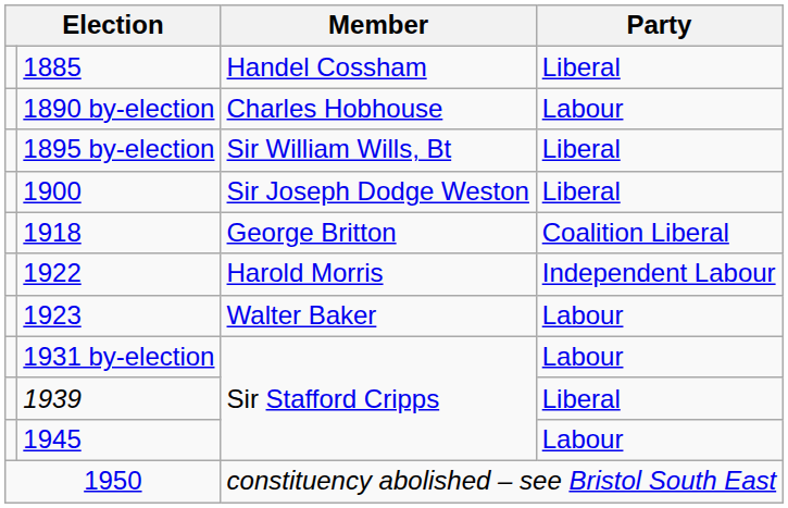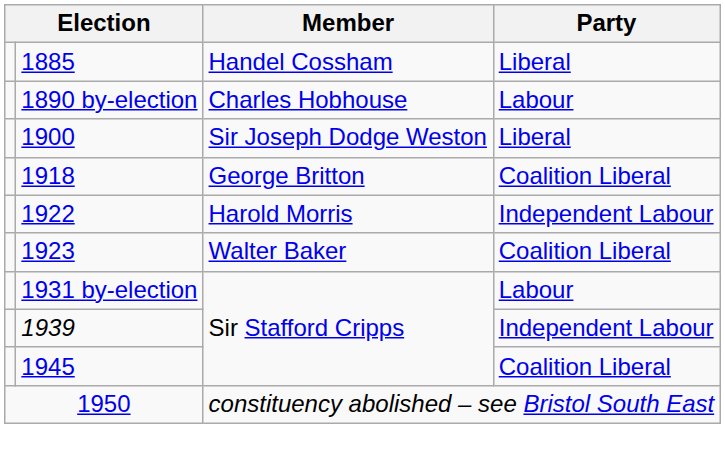 <table class="wikitable">
 <tr>
 <th colspan="2">Election</th>
 <th>Member</th>
 <th>Party</th>
 </tr>
 <tr>
 <td style="color:inherit;background-color: "></td>
 <td><a href='#'>1885</a></td>
 <td><a href='#'>Handel Cossham</a></td>
 <td><a href='#'>Liberal</a></td>
 </tr>
 <tr>
 <td style="color:inherit;background-color: "></td>
 <td><a href='#'>1890 by-election</a></td>
 <td><a href='#'>Charles Hobhouse</a></td>
 <td><a href='#'>Labour</a></td>
-</tr>
-<tr>
-<td style="color:inherit;background-color: "></td>
-<td><a href='#'>1895 by-election</a></td>
-<td><a href='#'>Sir William Wills, Bt</a></td>
-<td><a href='#'>Liberal</a></td>
 </tr>
 <tr>
 <td style="color:inherit;background-color: "></td>
 <td><a href='#'>1900</a></td>
 <td><a href='#'>Sir Joseph Dodge Weston</a></td>
 <td><a href='#'>Liberal</a></td>
 </tr>
 <tr>
 <td style="color:inherit;background-color: "></td>
 <td><a href='#'>1918</a></td>
 <td><a href='#'>George Britton</a></td>
 <td><a href='#'>Coalition Liberal</a></td>
 </tr>
 <tr>
 <td style="color:inherit;background-color: "></td>
 <td><a href='#'>1922</a></td>
 <td><a href='#'>Harold Morris</a></td>
 <td><a href='#'>Independent Labour</a></td>
 </tr>
 <tr>
 <td style="color:inherit;background-color: "></td>
 <td><a href='#'>1923</a></td>
 <td><a href='#'>Walter Baker</a></td>
-<td><a href='#'>Labour</a></td>
+<td><a href='#'>Coalition Liberal</a></td>
 </tr>
 <tr>
 <td style="color:inherit;background-color: "></td>
 <td><a href='#'>1931 by-election</a></td>
 <td rowspan="3">Sir <a href='#'>Stafford Cripps</a></td>
 <td><a href='#'>Labour</a></td>
 </tr>
 <tr>
 <td style="color:inherit;background-color: "></td>
 <td><em>1939</em></td>
-<td><a href='#'>Liberal</a></td>
+<td><a href='#'>Independent Labour</a></td>
 </tr>
 <tr>
 <td style="color:inherit;background-color: "></td>
 <td><a href='#'>1945</a></td>
-<td><a href='#'>Labour</a></td>
+<td><a href='#'>Coalition Liberal</a></td>
 </tr>
 <tr>
 <td colspan="2" align="center"><a href='#'>1950</a></td>
 <td colspan="2"><em>constituency abolished – see <a href='#'>Bristol South East</a></em></td>
 </tr>
 </table>
